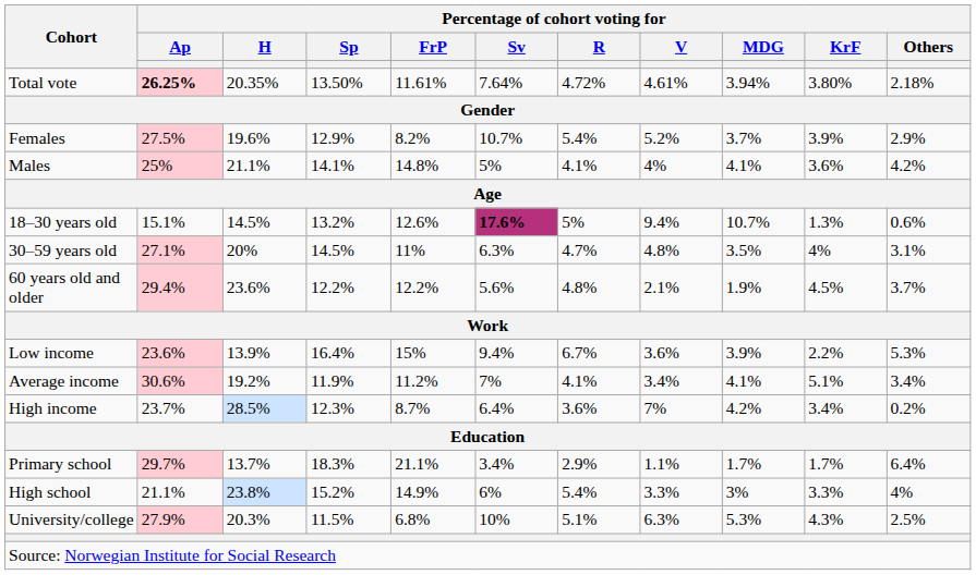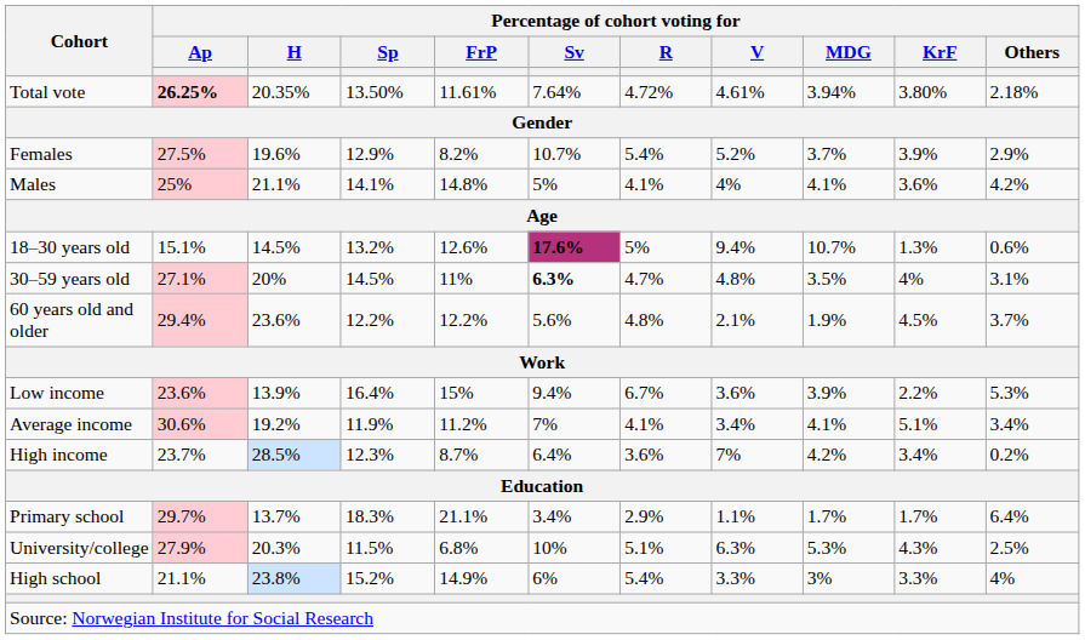 <table class="wikitable" style="font-size:95%;">
 <tr>
 <th rowspan="3">Cohort</th>
 <th colspan="10">Percentage of cohort voting for</th>
 </tr>
 <tr>
 <th scope="col" style="width:5em;"><a href='#'>Ap</a></th>
 <th scope="col" style="width:5em;"><a href='#'>H</a></th>
 <th scope="col" style="width:5em;"><a href='#'>Sp</a></th>
 <th scope="col" style="width:5em;"><a href='#'>FrP</a></th>
 <th scope="col" style="width:5em;"><a href='#'>Sv</a></th>
 <th scope="col" style="width:5em;"><a href='#'>R</a></th>
 <th scope="col" style="width:5em;"><a href='#'>V</a></th>
 <th scope="col" style="width:5em;"><a href='#'>MDG</a></th>
 <th scope="col" style="width:5em;"><a href='#'>KrF</a></th>
 <th scope="col" style="width:5em;">Others</th>
 </tr>
 <tr>
 <th style="background:"></th>
 <th style="background:"></th>
 <th style="background:"></th>
 <th style="background:"></th>
 <th style="background:"></th>
 <th style="background:"></th>
 <th style="background:"></th>
 <th style="background:"></th>
 <th style="background:"></th>
 <th style="background:"></th>
 </tr>
 <tr>
 <td>Total vote</td>
 <td style="background:#ffccd4;"><strong>26.25%</strong></td>
 <td>20.35%</td>
 <td>13.50%</td>
 <td>11.61%</td>
 <td>7.64%</td>
 <td>4.72%</td>
 <td>4.61%</td>
 <td>3.94%</td>
 <td>3.80%</td>
 <td>2.18%</td>
 </tr>
 <tr>
 <th colspan="11">Gender</th>
 </tr>
 <tr>
 <td>Females</td>
 <td style="background:#ffccd4;">27.5%</td>
 <td>19.6%</td>
 <td>12.9%</td>
 <td>8.2%</td>
 <td>10.7%</td>
 <td>5.4%</td>
 <td>5.2%</td>
 <td>3.7%</td>
 <td>3.9%</td>
 <td>2.9%</td>
 </tr>
 <tr>
 <td>Males</td>
 <td style="background:#ffccd4;">25%</td>
 <td>21.1%</td>
 <td>14.1%</td>
 <td>14.8%</td>
 <td>5%</td>
 <td>4.1%</td>
 <td>4%</td>
 <td>4.1%</td>
 <td>3.6%</td>
 <td>4.2%</td>
 </tr>
 <tr>
 <th colspan="11">Age</th>
 </tr>
 <tr>
 <td>18–30 years old</td>
 <td>15.1%</td>
 <td>14.5%</td>
 <td>13.2%</td>
 <td>12.6%</td>
 <td style="background:#b5317c;"><strong>17.6%</strong></td>
 <td>5%</td>
 <td>9.4%</td>
 <td>10.7%</td>
 <td>1.3%</td>
 <td>0.6%</td>
 </tr>
 <tr>
 <td>30–59 years old</td>
 <td style="background:#ffccd4;">27.1%</td>
 <td>20%</td>
 <td>14.5%</td>
 <td>11%</td>
-<td>6.3%</td>
+<td><strong>6.3%</strong></td>
 <td>4.7%</td>
 <td>4.8%</td>
 <td>3.5%</td>
 <td>4%</td>
 <td>3.1%</td>
 </tr>
 <tr>
 <td>60 years old and older</td>
 <td style="background:#ffccd4;">29.4%</td>
 <td>23.6%</td>
 <td>12.2%</td>
 <td>12.2%</td>
 <td>5.6%</td>
 <td>4.8%</td>
 <td>2.1%</td>
 <td>1.9%</td>
 <td>4.5%</td>
 <td>3.7%</td>
 </tr>
 <tr>
 <th colspan="11">Work</th>
 </tr>
 <tr>
 <td>Low income</td>
 <td style="background:#ffccd4;">23.6%</td>
 <td>13.9%</td>
 <td>16.4%</td>
 <td>15%</td>
 <td>9.4%</td>
 <td>6.7%</td>
 <td>3.6%</td>
 <td>3.9%</td>
 <td>2.2%</td>
 <td>5.3%</td>
 </tr>
 <tr>
 <td>Average income</td>
 <td style="background:#ffccd4;">30.6%</td>
 <td>19.2%</td>
 <td>11.9%</td>
 <td>11.2%</td>
 <td>7%</td>
 <td>4.1%</td>
 <td>3.4%</td>
 <td>4.1%</td>
 <td>5.1%</td>
 <td>3.4%</td>
 </tr>
 <tr>
 <td>High income</td>
 <td>23.7%</td>
 <td style="background:#cce4ff;">28.5%</td>
 <td>12.3%</td>
 <td>8.7%</td>
 <td>6.4%</td>
 <td>3.6%</td>
 <td>7%</td>
 <td>4.2%</td>
 <td>3.4%</td>
 <td>0.2%</td>
 </tr>
 <tr>
 <th colspan="11">Education</th>
 </tr>
 <tr>
 <td>Primary school</td>
 <td style="background:#ffccd4;">29.7%</td>
 <td>13.7%</td>
 <td>18.3%</td>
 <td>21.1%</td>
 <td>3.4%</td>
 <td>2.9%</td>
 <td>1.1%</td>
 <td>1.7%</td>
 <td>1.7%</td>
 <td>6.4%</td>
 </tr>
 <tr>
+<td>University/college</td>
+<td style="background:#ffccd4;">27.9%</td>
+<td>20.3%</td>
+<td>11.5%</td>
+<td>6.8%</td>
+<td>10%</td>
+<td>5.1%</td>
+<td>6.3%</td>
+<td>5.3%</td>
+<td>4.3%</td>
+<td>2.5%</td>
+</tr>
+<tr>
 <td>High school</td>
 <td>21.1%</td>
 <td style="background:#cce4ff;">23.8%</td>
 <td>15.2%</td>
 <td>14.9%</td>
 <td>6%</td>
 <td>5.4%</td>
 <td>3.3%</td>
 <td>3%</td>
 <td>3.3%</td>
 <td>4%</td>
 </tr>
 <tr>
-<td>University/college</td>
-<td style="background:#ffccd4;">27.9%</td>
-<td>20.3%</td>
-<td>11.5%</td>
-<td>6.8%</td>
-<td>10%</td>
-<td>5.1%</td>
-<td>6.3%</td>
-<td>5.3%</td>
-<td>4.3%</td>
-<td>2.5%</td>
-</tr>
-<tr>
 <th colspan="11!"></th>
 </tr>
 <tr>
 <td colspan="11">Source: <a href='#'>Norwegian Institute for Social Research</a></td>
 </tr>
 </table>
